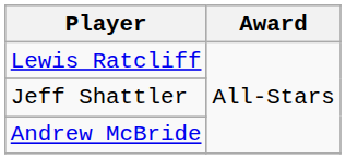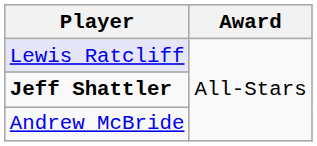 <table class="wikitable">
 <tr>
 <th>Player</th>
 <th>Award</th>
 </tr>
 <tr>
-<td><a href='#'>Lewis Ratcliff</a></td>
+<td style="background: lavender;"><a href='#'>Lewis Ratcliff</a></td>
 <td rowspan=3>All-Stars</td>
 </tr>
 <tr>
-<td>Jeff Shattler</td>
+<td><strong>Jeff Shattler</strong></td>
 </tr>
 <tr>
 <td><a href='#'>Andrew McBride</a></td>
 </tr>
 </table>
